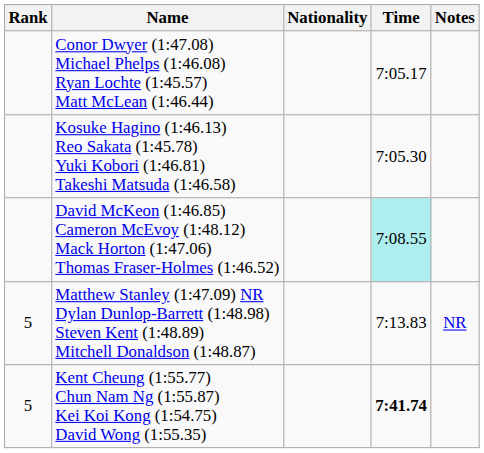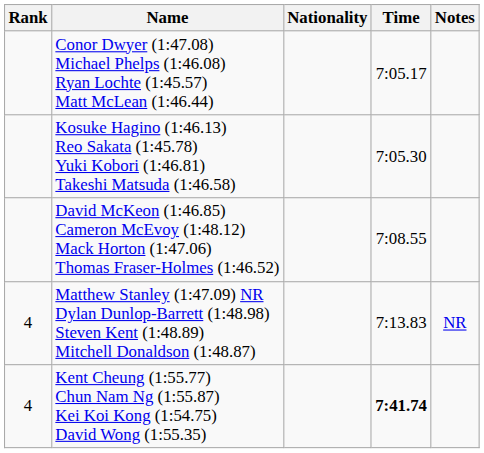 <table class="wikitable sortable" style="text-align:center">
 <tr>
 <th>Rank</th>
 <th>Name</th>
 <th>Nationality</th>
 <th>Time</th>
 <th>Notes</th>
 </tr>
 <tr>
 <td></td>
 <td align=left><a href='#'>Conor Dwyer</a> (1:47.08) <br><a href='#'>Michael Phelps</a> (1:46.08) <br><a href='#'>Ryan Lochte</a> (1:45.57) <br><a href='#'>Matt McLean</a> (1:46.44)</td>
 <td align=left></td>
 <td>7:05.17</td>
 <td></td>
 </tr>
 <tr>
 <td></td>
 <td align=left><a href='#'>Kosuke Hagino</a> (1:46.13) <br><a href='#'>Reo Sakata</a> (1:45.78) <br><a href='#'>Yuki Kobori</a> (1:46.81) <br><a href='#'>Takeshi Matsuda</a> (1:46.58)</td>
 <td align=left></td>
 <td>7:05.30</td>
 <td></td>
 </tr>
 <tr>
 <td></td>
 <td align=left><a href='#'>David McKeon</a> (1:46.85) <br><a href='#'>Cameron McEvoy</a> (1:48.12) <br><a href='#'>Mack Horton</a> (1:47.06) <br><a href='#'>Thomas Fraser-Holmes</a> (1:46.52)</td>
 <td align=left></td>
-<td style="background: paleturquoise;">7:08.55</td>
+<td>7:08.55</td>
 <td></td>
 </tr>
 <tr>
-<td>5</td>
+<td>4</td>
 <td align=left><a href='#'>Matthew Stanley</a> (1:47.09) <a href='#'>NR</a> <br> <a href='#'>Dylan Dunlop-Barrett</a> (1:48.98) <br> <a href='#'>Steven Kent</a> (1:48.89) <br> <a href='#'>Mitchell Donaldson</a> (1:48.87)</td>
 <td align=left></td>
 <td>7:13.83</td>
 <td><a href='#'>NR</a></td>
 </tr>
 <tr>
-<td>5</td>
+<td>4</td>
 <td align=left><a href='#'>Kent Cheung</a> (1:55.77) <br><a href='#'>Chun Nam Ng</a> (1:55.87) <br><a href='#'>Kei Koi Kong</a> (1:54.75) <br><a href='#'>David Wong</a> (1:55.35)</td>
 <td align=left></td>
 <td><strong>7:41.74</strong></td>
 <td></td>
 </tr>
 </table>
